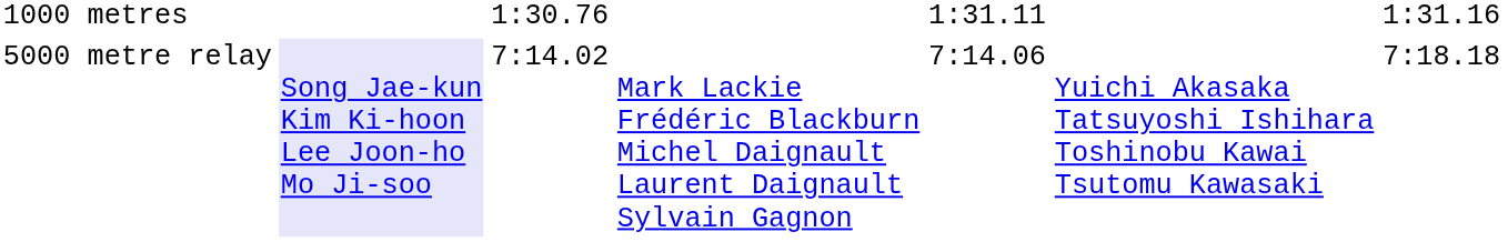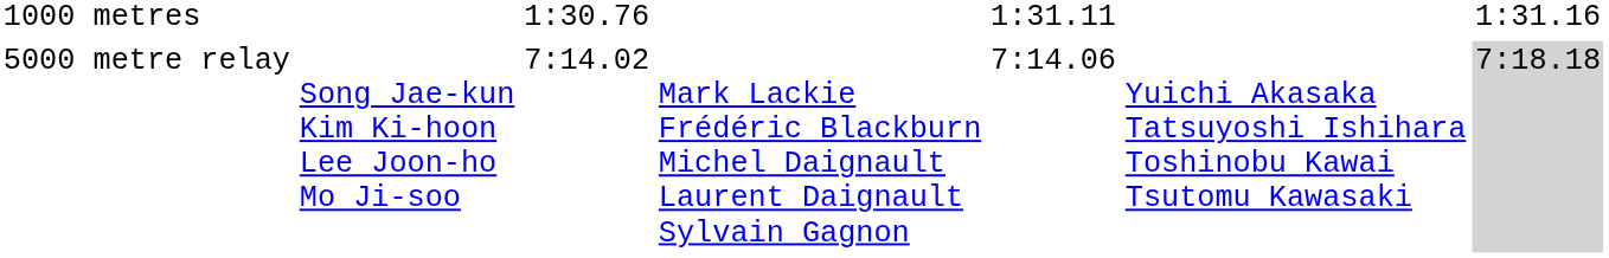 <table>
 <tr>
 <td>1000 metres <br> </td>
 <td></td>
 <td>1:30.76</td>
 <td></td>
 <td>1:31.11</td>
 <td></td>
 <td>1:31.16</td>
 </tr>
 <tr valign="top">
 <td>5000 metre relay <br> </td>
-<td style="background: lavender;"> <br> <a href='#'>Song Jae-kun</a> <br> <a href='#'>Kim Ki-hoon</a> <br> <a href='#'>Lee Joon-ho</a> <br> <a href='#'>Mo Ji-soo</a></td>
+<td> <br> <a href='#'>Song Jae-kun</a> <br> <a href='#'>Kim Ki-hoon</a> <br> <a href='#'>Lee Joon-ho</a> <br> <a href='#'>Mo Ji-soo</a></td>
 <td>7:14.02</td>
 <td> <br> <a href='#'>Mark Lackie</a> <br> <a href='#'>Frédéric Blackburn</a> <br> <a href='#'>Michel Daignault</a> <br> <a href='#'>Laurent Daignault</a> <br> <a href='#'>Sylvain Gagnon</a></td>
 <td>7:14.06</td>
 <td> <br> <a href='#'>Yuichi Akasaka</a> <br> <a href='#'>Tatsuyoshi Ishihara</a> <br> <a href='#'>Toshinobu Kawai</a> <br> <a href='#'>Tsutomu Kawasaki</a></td>
-<td>7:18.18</td>
+<td style="background: lightgrey;">7:18.18</td>
 </tr>
 </table>
